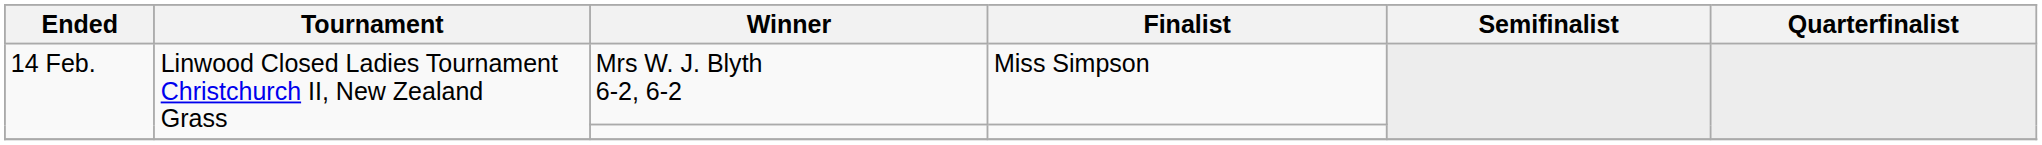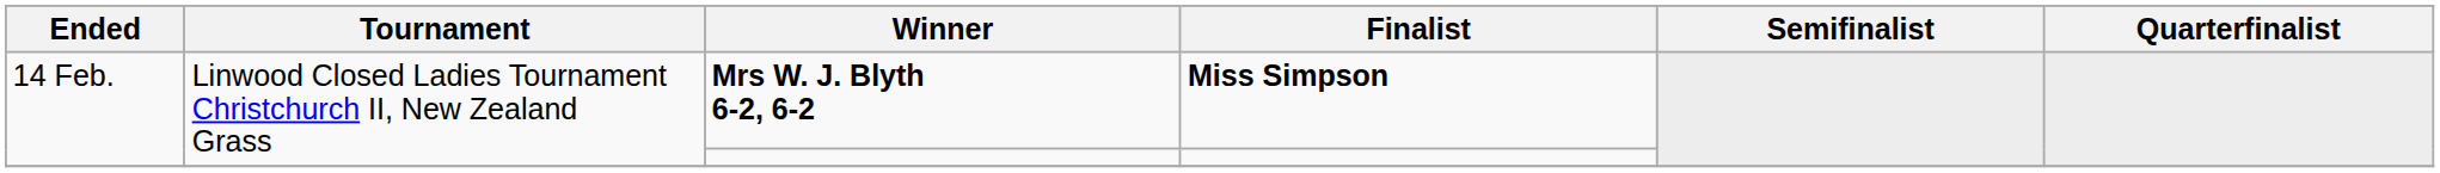 <table class="wikitable" style="font-size:85%;">
 <tr>
 <th width="75">Ended</th>
 <th width="230">Tournament</th>
 <th width="210">Winner</th>
 <th width="210">Finalist</th>
 <th width="170">Semifinalist</th>
 <th width="170">Quarterfinalist</th>
 </tr>
 <tr valign=top>
 <td rowspan=2>14 Feb.</td>
 <td rowspan=2>Linwood Closed Ladies Tournament  <br><a href='#'>Christchurch</a> II, New Zealand<br>Grass</td>
-<td> Mrs W. J. Blyth<br>6-2, 6-2</td>
-<td> Miss Simpson</td>
+<td><strong> Mrs W. J. Blyth<br>6-2, 6-2</strong></td>
+<td><strong> Miss Simpson</strong></td>
 <td style="background:#ededed;" rowspan=2></td>
 <td style="background:#ededed;" rowspan=2></td>
 </tr>
 <tr valign=top>
 <td></td>
 <td></td>
 </tr>
 <tr valign=top>
 </tr>
 </table>
